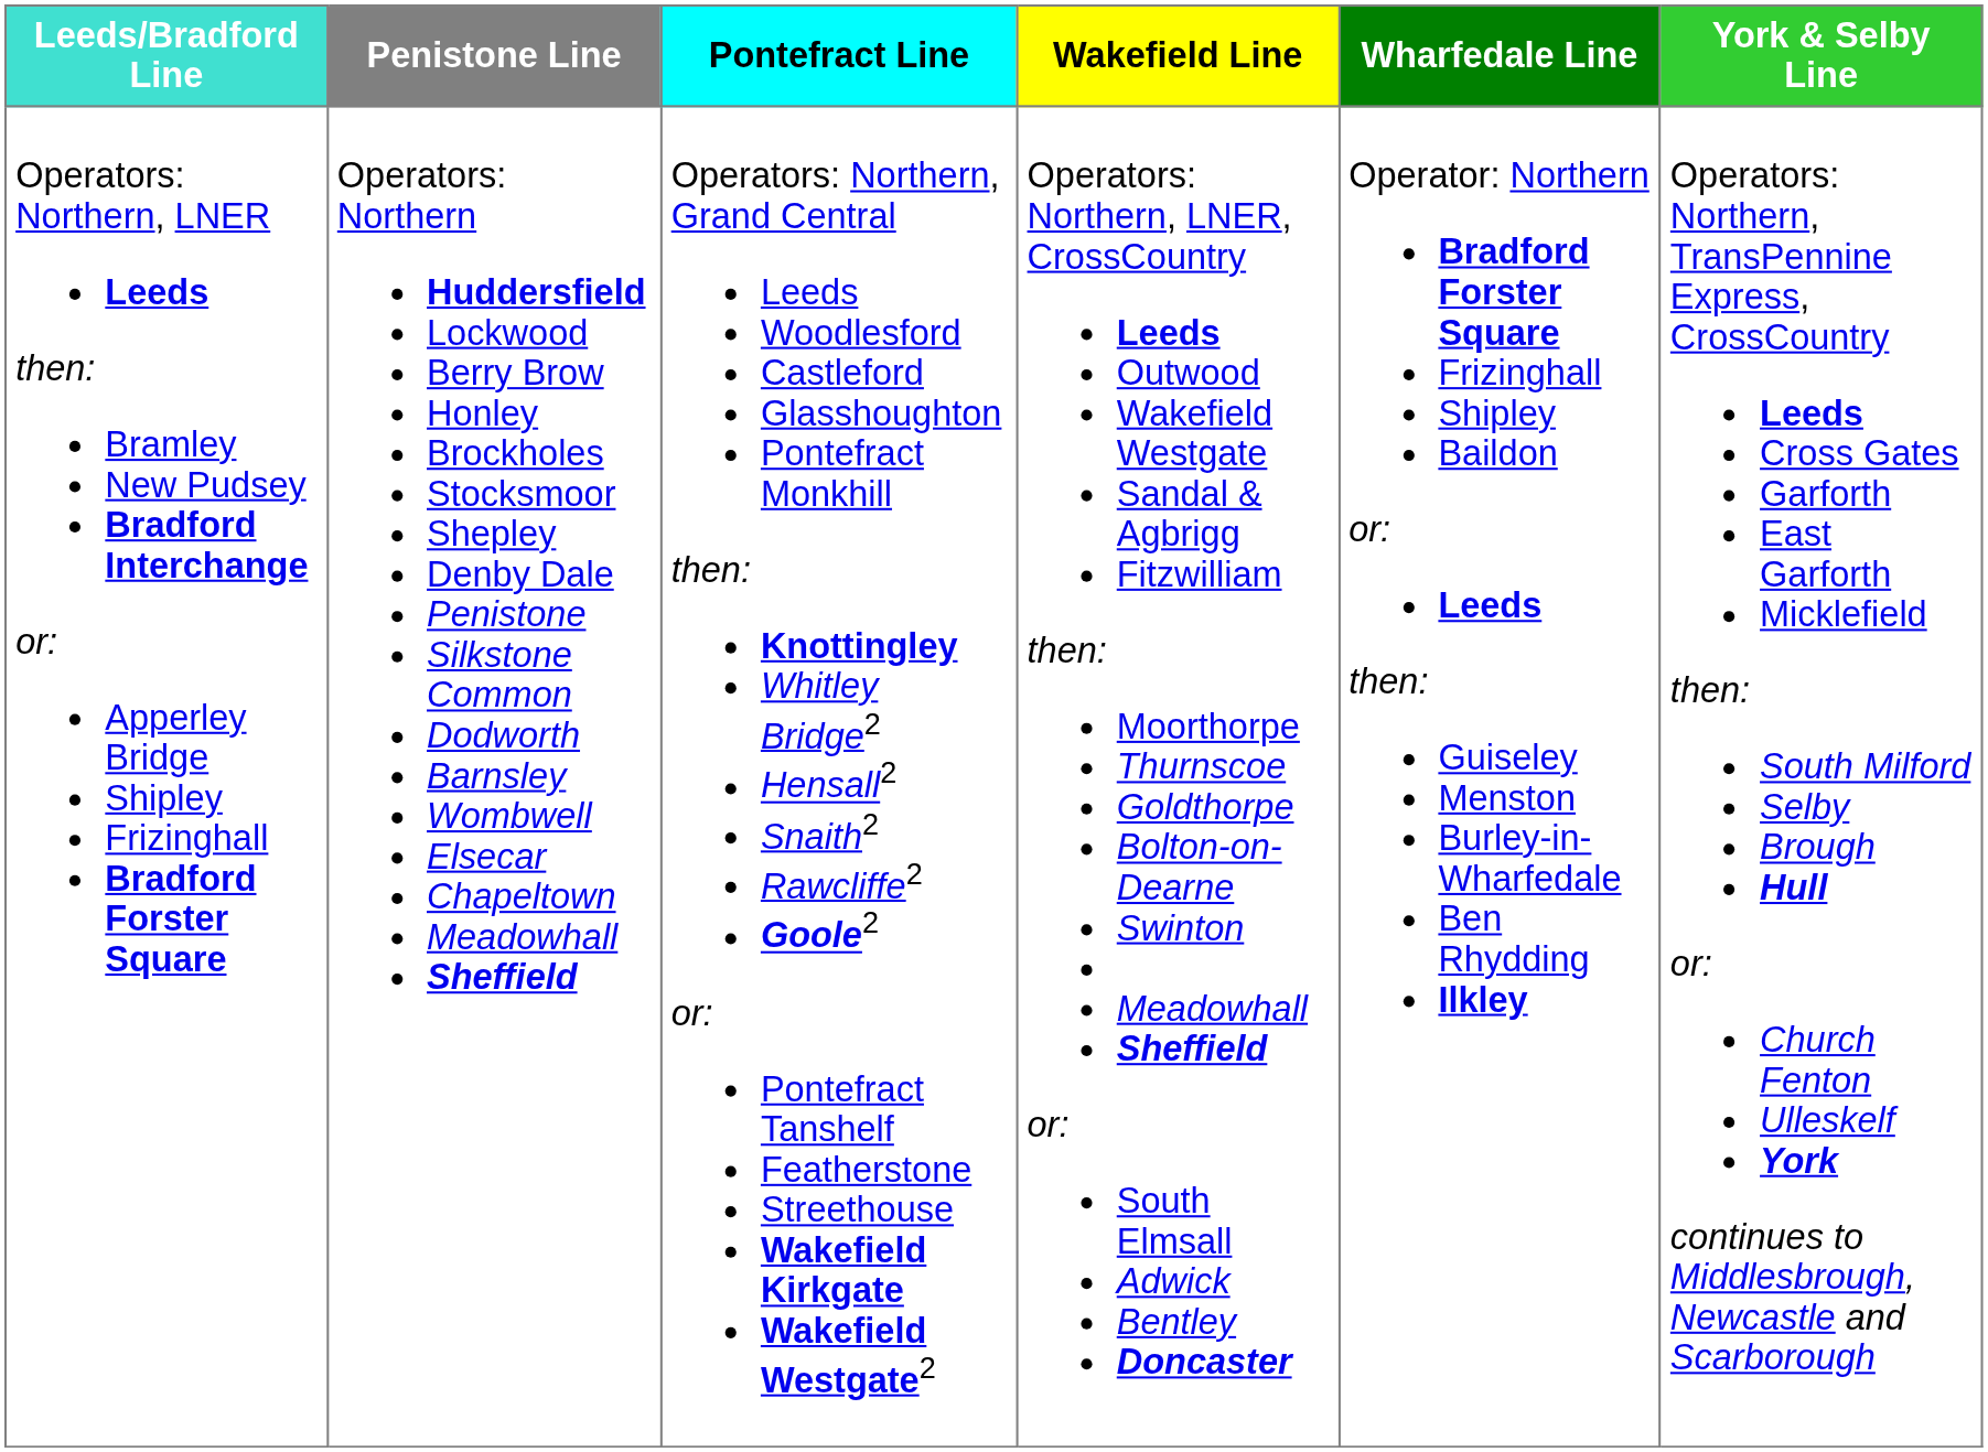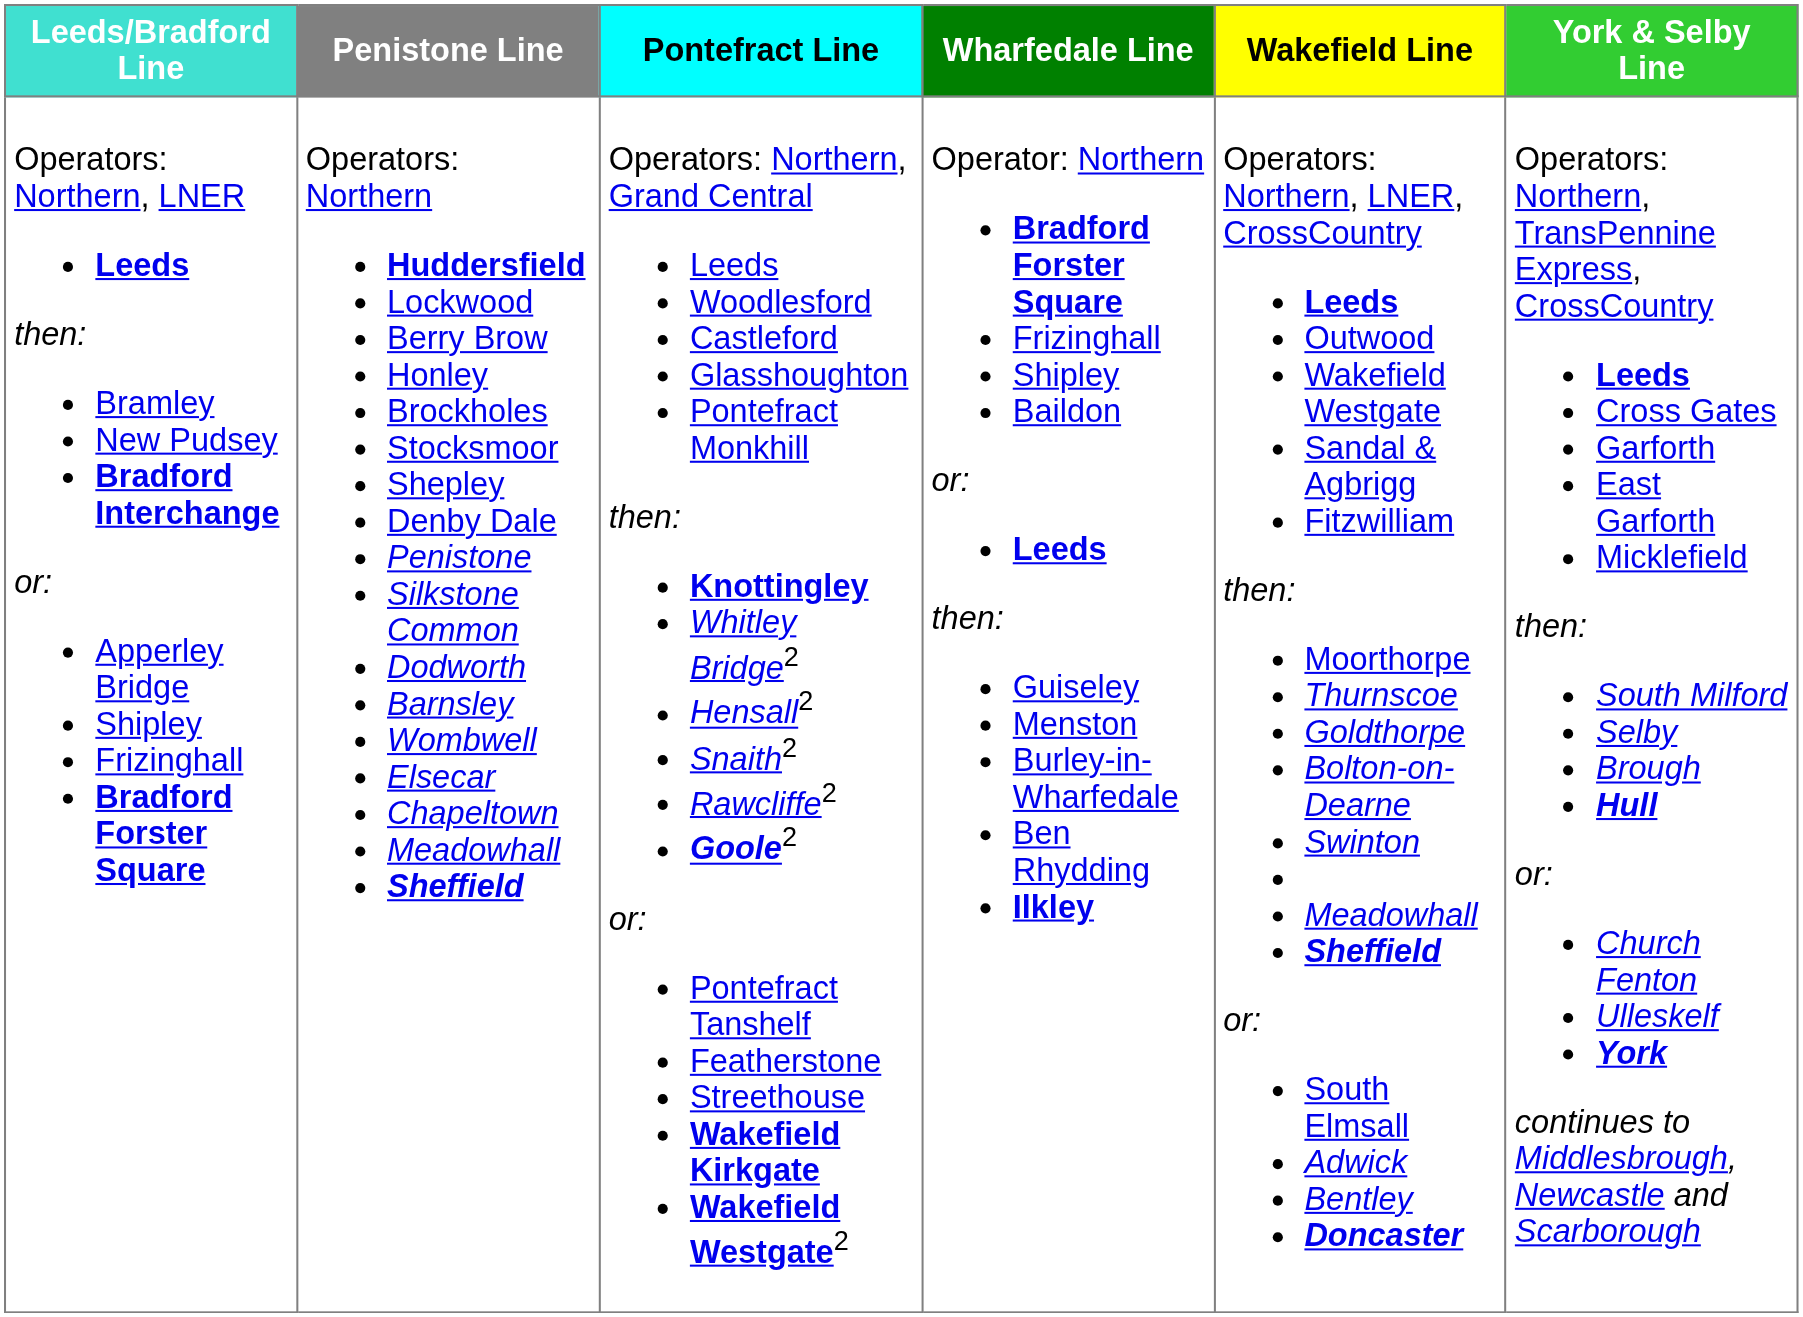 <table class="toccolours" border="1" cellpadding="4" cellspacing="2" style="border-collapse: collapse;">
 <tr>
 <th style="background: turquoise; color: white;" width=16%>Leeds/Bradford Line</th>
 <th style="background: grey; color: white;" width=16%>Penistone Line</th>
 <th style="background: aqua;" width=16%>Pontefract Line</th>
+<th style="background: green; color: white;" width=16%>Wharfedale Line</th>
 <th style="background: yellow;" width=16%>Wakefield Line</th>
-<th style="background: green; color: white;" width=16%>Wharfedale Line</th>
 <th style="background: limegreen; color: white;" width=16%>York & Selby Line</th>
 </tr>
 <tr>
 <td valign="top"><br>Operators: <a href='#'>Northern</a>, <a href='#'>LNER</a><ul><li><strong><a href='#'>Leeds</a></strong></li></ul><em>then:</em><ul><li><a href='#'>Bramley</a></li><li><a href='#'>New Pudsey</a></li><li><strong><a href='#'>Bradford Interchange</a></strong></li></ul><em>or:</em><ul><li><a href='#'>Apperley Bridge</a></li><li><a href='#'>Shipley</a></li><li><a href='#'>Frizinghall</a></li><li><strong><a href='#'>Bradford Forster Square</a></strong></li></ul></td>
 <td valign="top"><br>Operators: <a href='#'>Northern</a><ul><li><strong><a href='#'>Huddersfield</a></strong></li><li><a href='#'>Lockwood</a></li><li><a href='#'>Berry Brow</a></li><li><a href='#'>Honley</a></li><li><a href='#'>Brockholes</a></li><li><a href='#'>Stocksmoor</a></li><li><a href='#'>Shepley</a></li><li><a href='#'>Denby Dale</a></li><li><em><a href='#'>Penistone</a></em></li><li><em><a href='#'>Silkstone Common</a></em></li><li><em><a href='#'>Dodworth</a></em></li><li><em><a href='#'>Barnsley</a></em></li><li><em><a href='#'>Wombwell</a></em></li><li><em><a href='#'>Elsecar</a></em></li><li><em><a href='#'>Chapeltown</a></em></li><li><em><a href='#'>Meadowhall</a></em> </li><li><strong><em><a href='#'>Sheffield</a></em></strong> </li></ul></td>
 <td valign="top"><br>Operators: <a href='#'>Northern</a>, <a href='#'>Grand Central</a><ul><li><a href='#'>Leeds</a></li><li><a href='#'>Woodlesford</a></li><li><a href='#'>Castleford</a></li><li><a href='#'>Glasshoughton</a></li><li><a href='#'>Pontefract Monkhill</a></li></ul><em>then:</em><ul><li><strong><a href='#'>Knottingley</a></strong></li><li><em><a href='#'>Whitley Bridge</a></em><sup>2</sup></li><li><em><a href='#'>Hensall</a></em><sup>2</sup></li><li><em><a href='#'>Snaith</a></em><sup>2</sup></li><li><em><a href='#'>Rawcliffe</a></em><sup>2</sup></li><li><strong><em><a href='#'>Goole</a></em></strong><sup>2</sup></li></ul><em>or:</em><ul><li><a href='#'>Pontefract Tanshelf</a></li><li><a href='#'>Featherstone</a></li><li><a href='#'>Streethouse</a></li><li><strong><a href='#'>Wakefield Kirkgate</a></strong></li><li><strong><a href='#'>Wakefield Westgate</a></strong><sup>2</sup></li></ul></td>
+<td valign="top"><br>Operator: <a href='#'>Northern</a><ul><li><strong><a href='#'>Bradford Forster Square</a></strong></li><li><a href='#'>Frizinghall</a></li><li><a href='#'>Shipley</a></li><li><a href='#'>Baildon</a></li></ul><em>or:</em><ul><li><strong><a href='#'>Leeds</a></strong></li></ul><em>then:</em><ul><li><a href='#'>Guiseley</a></li><li><a href='#'>Menston</a></li><li><a href='#'>Burley-in-Wharfedale</a></li><li><a href='#'>Ben Rhydding</a></li><li><strong><a href='#'>Ilkley</a></strong></li></ul></td>
 <td valign="top"><br>Operators: <a href='#'>Northern</a>, <a href='#'>LNER</a>, <a href='#'>CrossCountry</a><ul><li><strong><a href='#'>Leeds</a></strong></li><li><a href='#'>Outwood</a></li><li><a href='#'>Wakefield Westgate</a></li><li><a href='#'>Sandal & Agbrigg</a></li><li><a href='#'>Fitzwilliam</a></li></ul><em>then:</em><ul><li><a href='#'>Moorthorpe</a></li><li><em><a href='#'>Thurnscoe</a></em></li><li><em><a href='#'>Goldthorpe</a></em></li><li><em><a href='#'>Bolton-on-Dearne</a></em></li><li><em><a href='#'>Swinton</a></em></li><li><em> </em></li><li><em><a href='#'>Meadowhall</a></em> </li><li><strong><em><a href='#'>Sheffield</a></em></strong> </li></ul><em>or:</em><ul><li><a href='#'>South Elmsall</a></li><li><em><a href='#'>Adwick</a></em></li><li><em><a href='#'>Bentley</a></em></li><li><strong><em><a href='#'>Doncaster</a></em></strong></li></ul></td>
-<td valign="top"><br>Operator: <a href='#'>Northern</a><ul><li><strong><a href='#'>Bradford Forster Square</a></strong></li><li><a href='#'>Frizinghall</a></li><li><a href='#'>Shipley</a></li><li><a href='#'>Baildon</a></li></ul><em>or:</em><ul><li><strong><a href='#'>Leeds</a></strong></li></ul><em>then:</em><ul><li><a href='#'>Guiseley</a></li><li><a href='#'>Menston</a></li><li><a href='#'>Burley-in-Wharfedale</a></li><li><a href='#'>Ben Rhydding</a></li><li><strong><a href='#'>Ilkley</a></strong></li></ul></td>
 <td valign="top"><br>Operators: <a href='#'>Northern</a>, <a href='#'>TransPennine Express</a>, <a href='#'>CrossCountry</a><ul><li><strong><a href='#'>Leeds</a></strong></li><li><a href='#'>Cross Gates</a></li><li><a href='#'>Garforth</a></li><li><a href='#'>East Garforth</a></li><li><a href='#'>Micklefield</a></li></ul><em>then:</em><ul><li><em><a href='#'>South Milford</a></em></li><li><em><a href='#'>Selby</a></em></li><li><em><a href='#'>Brough</a></em></li><li><strong><em><a href='#'>Hull</a></em></strong></li></ul><em>or:</em><ul><li><em><a href='#'>Church Fenton</a></em></li><li><em><a href='#'>Ulleskelf</a></em></li><li><strong><em><a href='#'>York</a></em></strong></li></ul><em>continues to <a href='#'>Middlesbrough</a>, <a href='#'>Newcastle</a> and <a href='#'>Scarborough</a></em></td>
 </tr>
 </table>
